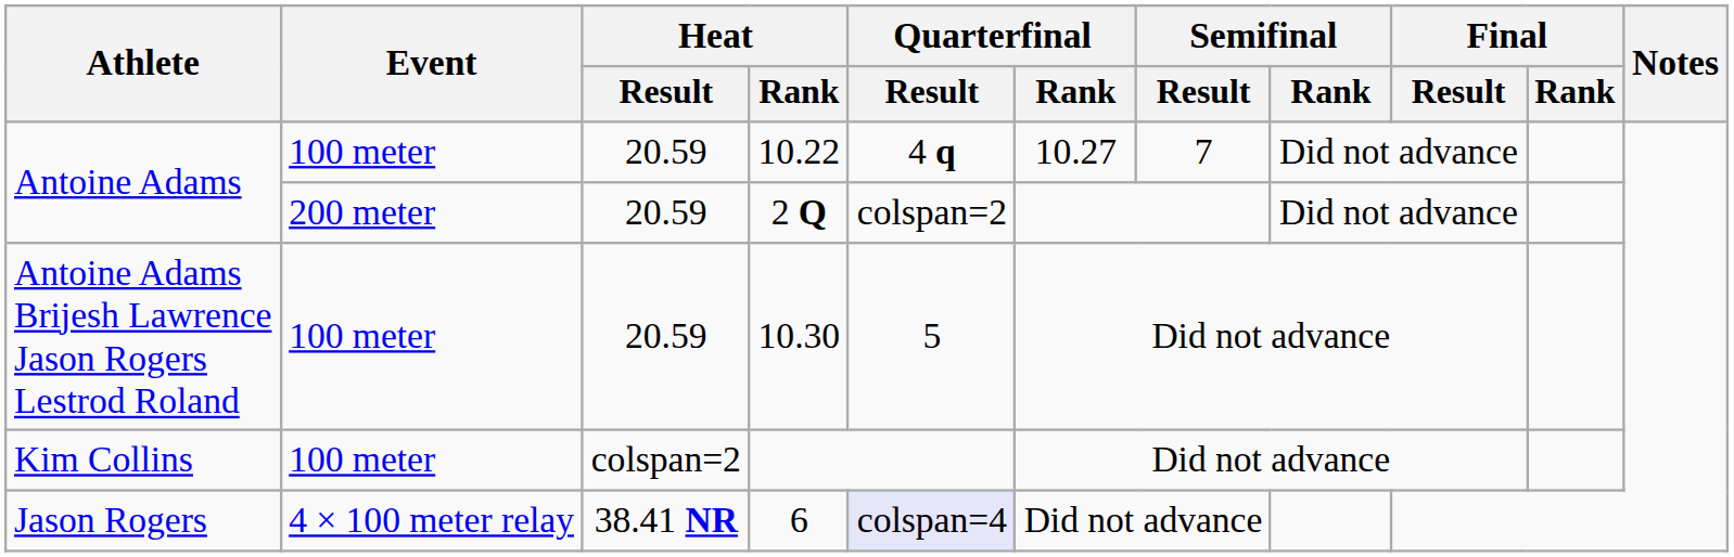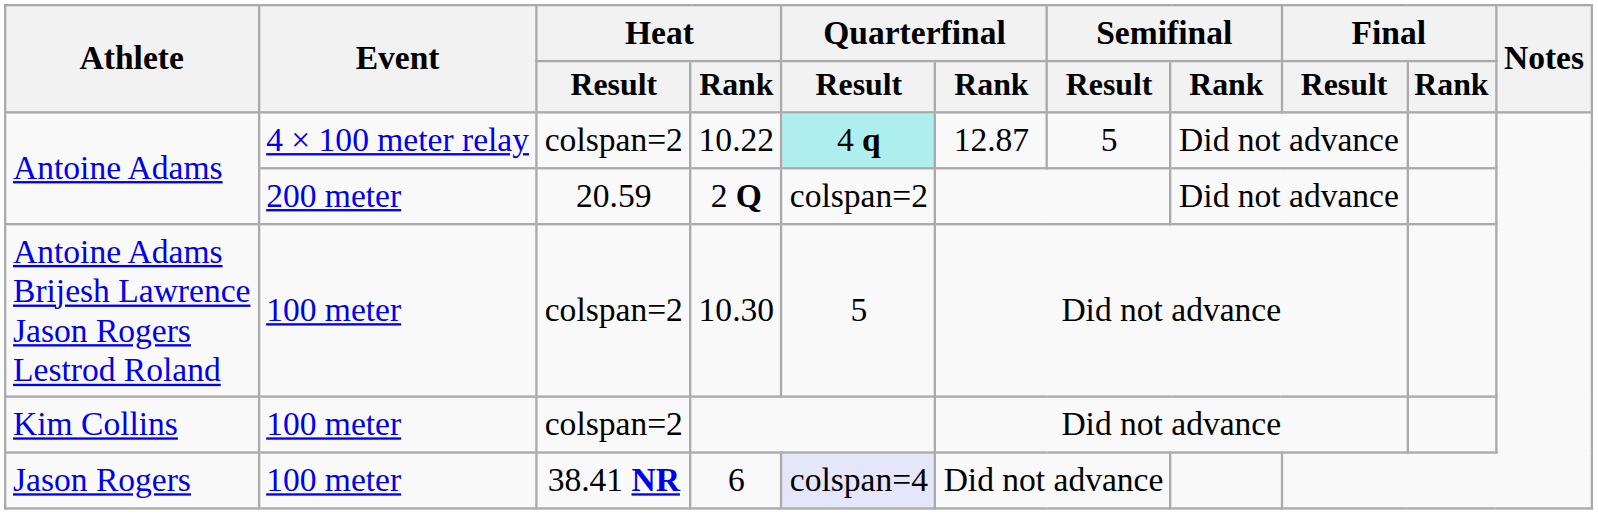 <table class="wikitable" style="font-size:90%">
 <tr>
 <th rowspan="2">Athlete</th>
 <th rowspan="2">Event</th>
 <th colspan="2">Heat</th>
 <th colspan="2">Quarterfinal</th>
 <th colspan="2">Semifinal</th>
 <th colspan="2">Final</th>
 <th rowspan="2">Notes</th>
 </tr>
 <tr style="font-size:95%">
 <th>Result</th>
 <th>Rank</th>
 <th>Result</th>
 <th>Rank</th>
 <th>Result</th>
 <th>Rank</th>
 <th>Result</th>
 <th>Rank</th>
 </tr>
 <tr align=center>
 <td align=left rowspan=2><a href='#'>Antoine Adams</a></td>
-<td align=left><a href='#'>100 meter</a></td>
-<td>20.59</td>
+<td align=left><a href='#'>4 × 100 meter relay</a></td>
+<td>colspan=2 </td>
 <td>10.22</td>
-<td>4 <strong>q</strong></td>
-<td>10.27</td>
-<td>7</td>
+<td style="background: paleturquoise;">4 <strong>q</strong></td>
+<td>12.87</td>
+<td>5</td>
 <td colspan=2>Did not advance</td>
 <td></td>
 </tr>
 <tr align=center>
 <td align=left><a href='#'>200 meter</a></td>
 <td>20.59</td>
 <td>2 <strong>Q</strong></td>
 <td>colspan=2 </td>
 <td colspan=2></td>
 <td colspan=2>Did not advance</td>
 <td></td>
 </tr>
 <tr align=center>
 <td align=left><a href='#'>Antoine Adams</a><br><a href='#'>Brijesh Lawrence</a><br><a href='#'>Jason Rogers</a><br><a href='#'>Lestrod Roland</a></td>
 <td align=left><a href='#'>100 meter</a></td>
-<td>20.59</td>
+<td>colspan=2 </td>
 <td>10.30</td>
 <td>5</td>
 <td colspan=4>Did not advance</td>
 <td></td>
 </tr>
 <tr align=center>
 <td align=left><a href='#'>Kim Collins</a></td>
 <td align=left><a href='#'>100 meter</a></td>
 <td>colspan=2 </td>
 <td colspan=2></td>
 <td colspan=4>Did not advance</td>
 <td></td>
 </tr>
 <tr align=center>
 <td align=left><a href='#'>Jason Rogers</a></td>
-<td align=left><a href='#'>4 × 100 meter relay</a></td>
+<td align=left><a href='#'>100 meter</a></td>
 <td>38.41 <strong><a href='#'>NR</a></strong></td>
 <td>6</td>
 <td style="background: lavender;">colspan=4 </td>
 <td colspan=2>Did not advance</td>
 <td></td>
 </tr>
 </table>
